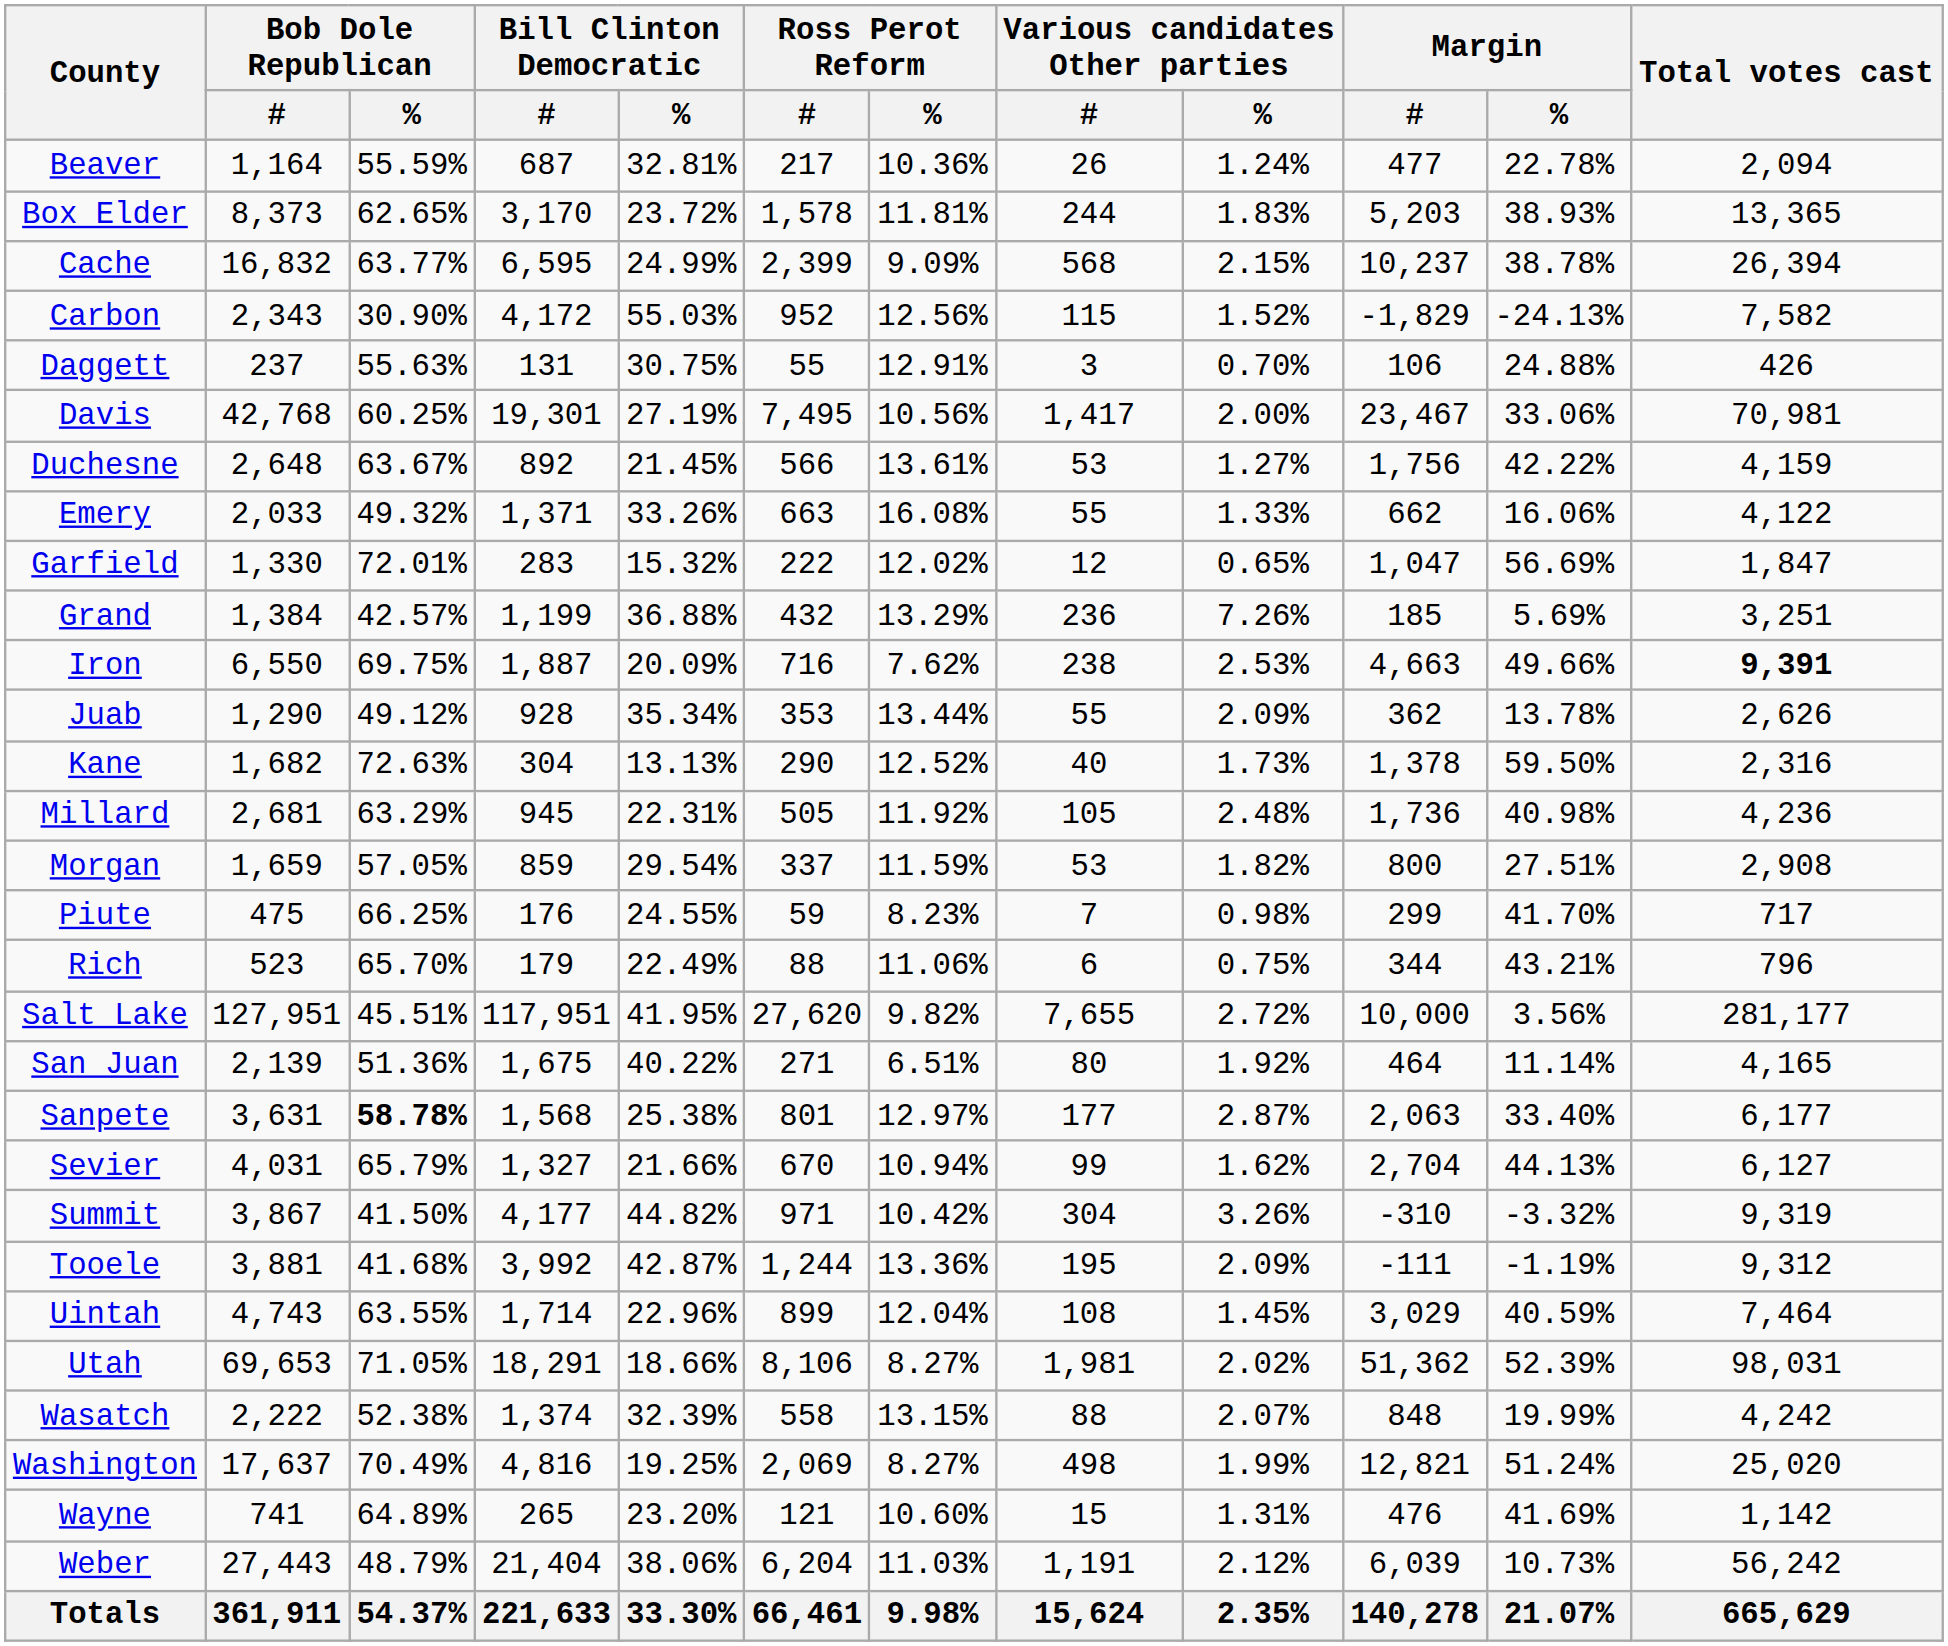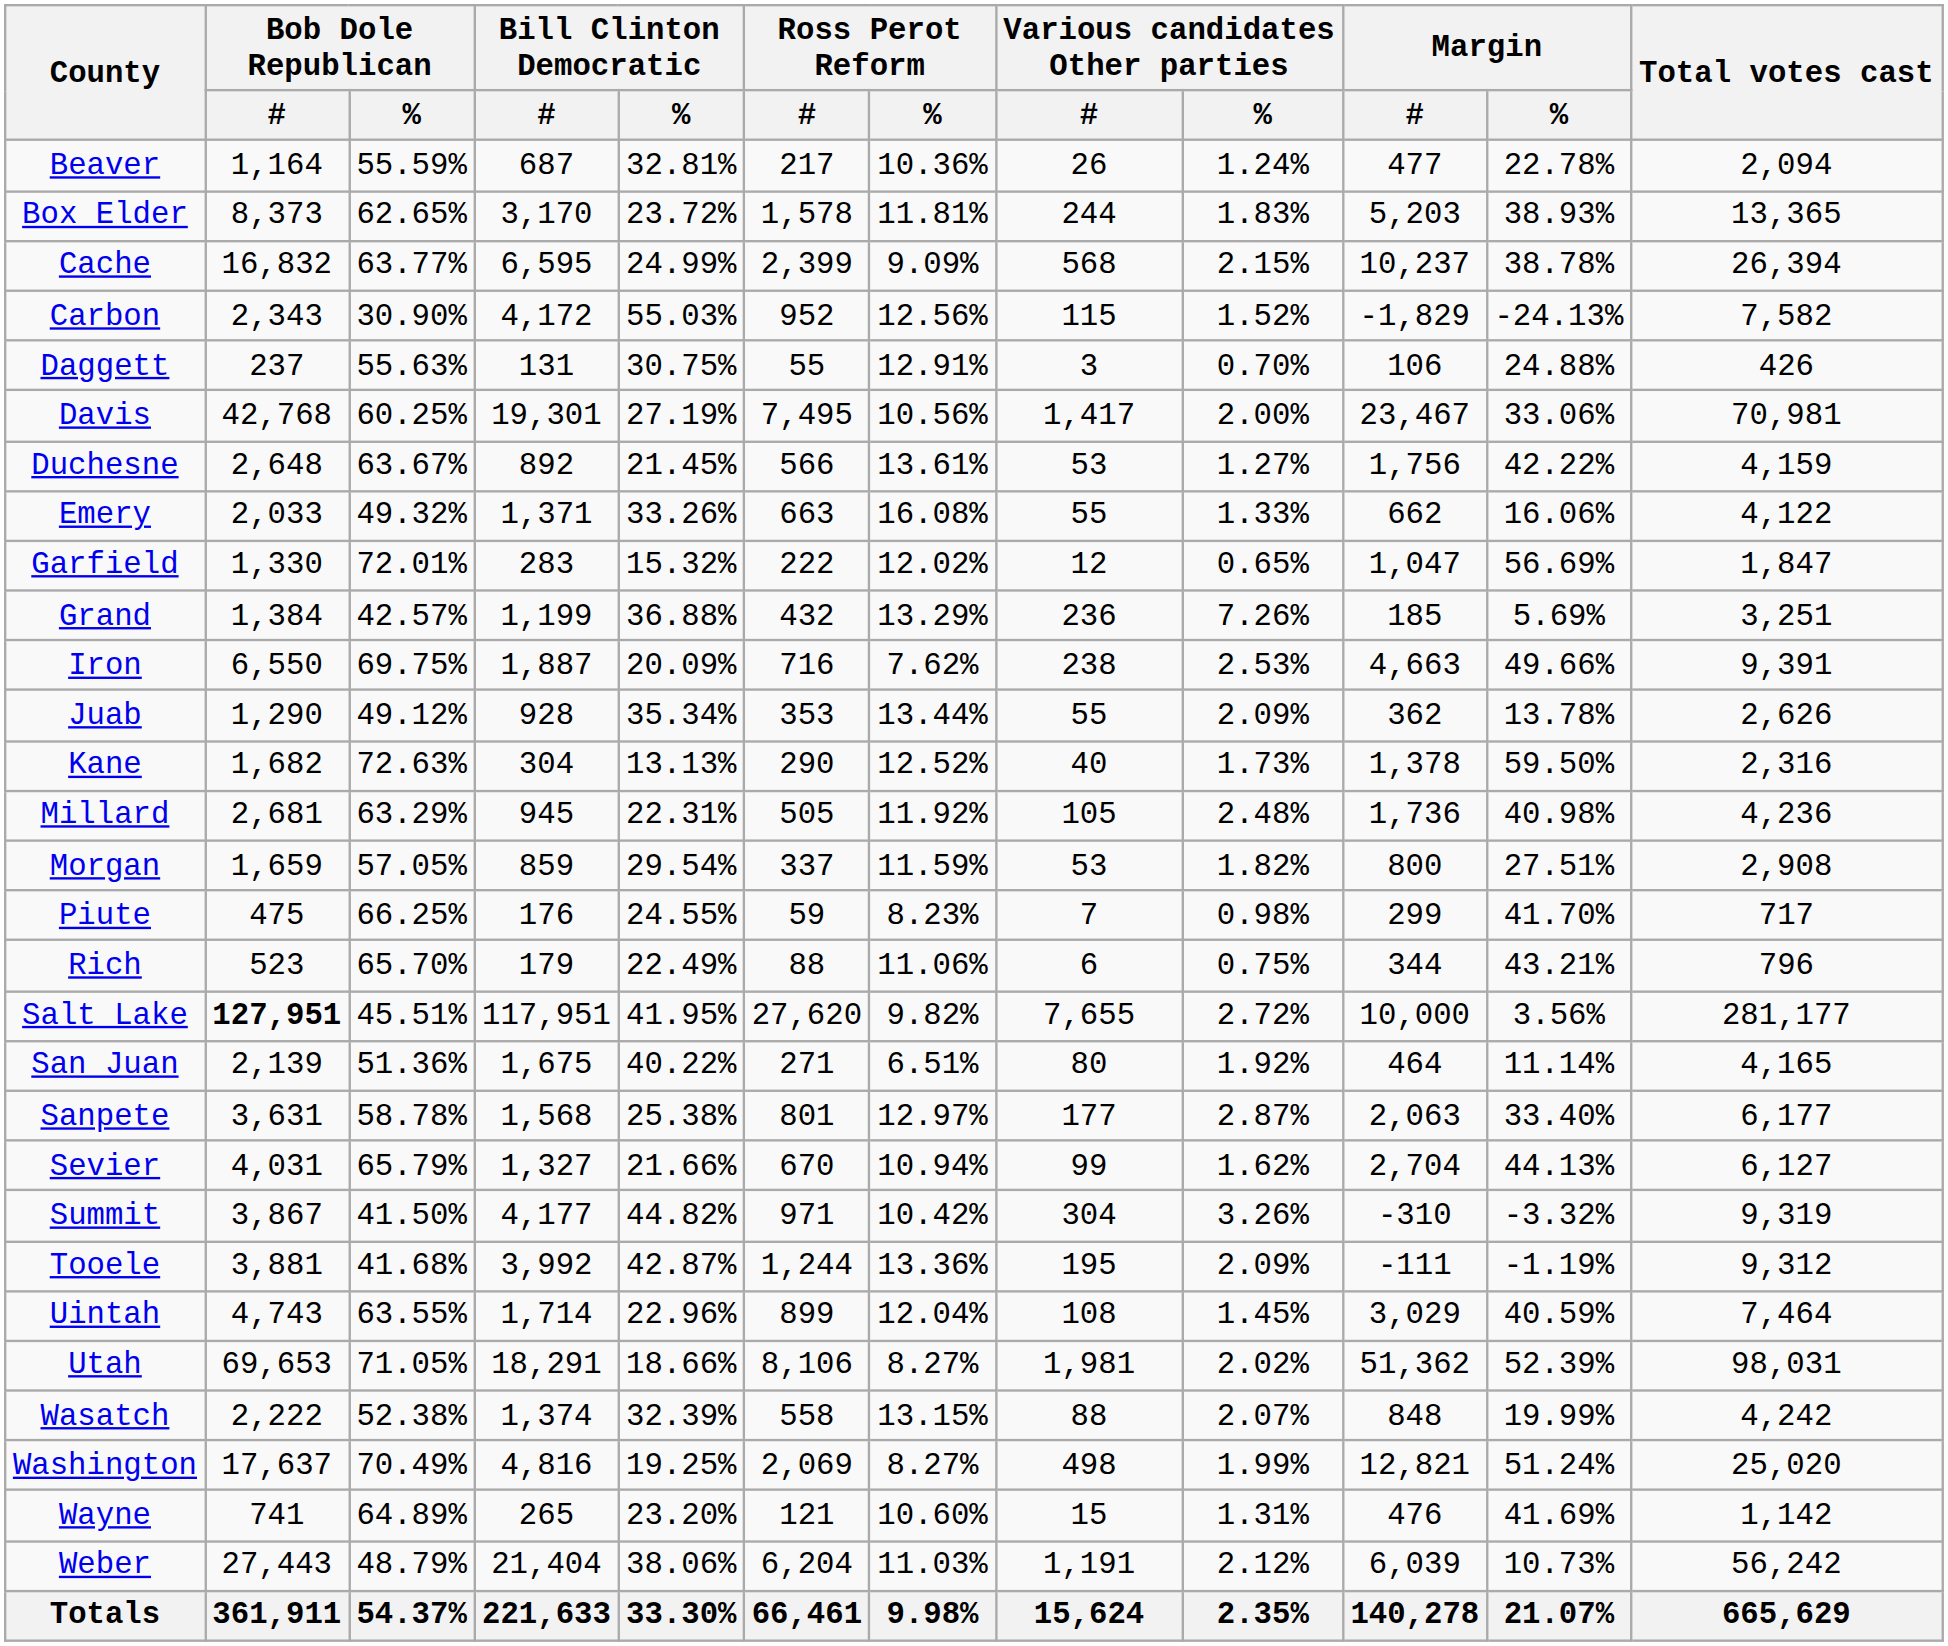 <table width="65%"  class="wikitable sortable" style="text-align:center">
 <tr>
 <th style="text-align:center;" rowspan="2">County</th>
 <th style="text-align:center;" colspan="2">Bob Dole<br>Republican</th>
 <th style="text-align:center;" colspan="2">Bill Clinton<br>Democratic</th>
 <th style="text-align:center;" colspan="2">Ross Perot<br>Reform</th>
 <th style="text-align:center;" colspan="2">Various candidates<br>Other parties</th>
 <th style="text-align:center;" colspan="2">Margin</th>
 <th style="text-align:center;" rowspan="2">Total votes cast</th>
 </tr>
 <tr>
 <th style="text-align:center;" data-sort-type="number">#</th>
 <th style="text-align:center;" data-sort-type="number">%</th>
 <th style="text-align:center;" data-sort-type="number">#</th>
 <th style="text-align:center;" data-sort-type="number">%</th>
 <th style="text-align:center;" data-sort-type="number">#</th>
 <th style="text-align:center;" data-sort-type="number">%</th>
 <th style="text-align:center;" data-sort-type="number">#</th>
 <th style="text-align:center;" data-sort-type="number">%</th>
 <th style="text-align:center;" data-sort-type="number">#</th>
 <th style="text-align:center;" data-sort-type="number">%</th>
 </tr>
 <tr style="text-align:center;">
 <td><a href='#'>Beaver</a></td>
 <td>1,164</td>
 <td>55.59%</td>
 <td>687</td>
 <td>32.81%</td>
 <td>217</td>
 <td>10.36%</td>
 <td>26</td>
 <td>1.24%</td>
 <td>477</td>
 <td>22.78%</td>
 <td>2,094</td>
 </tr>
 <tr style="text-align:center;">
 <td><a href='#'>Box Elder</a></td>
 <td>8,373</td>
 <td>62.65%</td>
 <td>3,170</td>
 <td>23.72%</td>
 <td>1,578</td>
 <td>11.81%</td>
 <td>244</td>
 <td>1.83%</td>
 <td>5,203</td>
 <td>38.93%</td>
 <td>13,365</td>
 </tr>
 <tr style="text-align:center;">
 <td><a href='#'>Cache</a></td>
 <td>16,832</td>
 <td>63.77%</td>
 <td>6,595</td>
 <td>24.99%</td>
 <td>2,399</td>
 <td>9.09%</td>
 <td>568</td>
 <td>2.15%</td>
 <td>10,237</td>
 <td>38.78%</td>
 <td>26,394</td>
 </tr>
 <tr style="text-align:center;">
 <td><a href='#'>Carbon</a></td>
 <td>2,343</td>
 <td>30.90%</td>
 <td>4,172</td>
 <td>55.03%</td>
 <td>952</td>
 <td>12.56%</td>
 <td>115</td>
 <td>1.52%</td>
 <td>-1,829</td>
 <td>-24.13%</td>
 <td>7,582</td>
 </tr>
 <tr style="text-align:center;">
 <td><a href='#'>Daggett</a></td>
 <td>237</td>
 <td>55.63%</td>
 <td>131</td>
 <td>30.75%</td>
 <td>55</td>
 <td>12.91%</td>
 <td>3</td>
 <td>0.70%</td>
 <td>106</td>
 <td>24.88%</td>
 <td>426</td>
 </tr>
 <tr style="text-align:center;">
 <td><a href='#'>Davis</a></td>
 <td>42,768</td>
 <td>60.25%</td>
 <td>19,301</td>
 <td>27.19%</td>
 <td>7,495</td>
 <td>10.56%</td>
 <td>1,417</td>
 <td>2.00%</td>
 <td>23,467</td>
 <td>33.06%</td>
 <td>70,981</td>
 </tr>
 <tr style="text-align:center;">
 <td><a href='#'>Duchesne</a></td>
 <td>2,648</td>
 <td>63.67%</td>
 <td>892</td>
 <td>21.45%</td>
 <td>566</td>
 <td>13.61%</td>
 <td>53</td>
 <td>1.27%</td>
 <td>1,756</td>
 <td>42.22%</td>
 <td>4,159</td>
 </tr>
 <tr style="text-align:center;">
 <td><a href='#'>Emery</a></td>
 <td>2,033</td>
 <td>49.32%</td>
 <td>1,371</td>
 <td>33.26%</td>
 <td>663</td>
 <td>16.08%</td>
 <td>55</td>
 <td>1.33%</td>
 <td>662</td>
 <td>16.06%</td>
 <td>4,122</td>
 </tr>
 <tr style="text-align:center;">
 <td><a href='#'>Garfield</a></td>
 <td>1,330</td>
 <td>72.01%</td>
 <td>283</td>
 <td>15.32%</td>
 <td>222</td>
 <td>12.02%</td>
 <td>12</td>
 <td>0.65%</td>
 <td>1,047</td>
 <td>56.69%</td>
 <td>1,847</td>
 </tr>
 <tr style="text-align:center;">
 <td><a href='#'>Grand</a></td>
 <td>1,384</td>
 <td>42.57%</td>
 <td>1,199</td>
 <td>36.88%</td>
 <td>432</td>
 <td>13.29%</td>
 <td>236</td>
 <td>7.26%</td>
 <td>185</td>
 <td>5.69%</td>
 <td>3,251</td>
 </tr>
 <tr style="text-align:center;">
 <td><a href='#'>Iron</a></td>
 <td>6,550</td>
 <td>69.75%</td>
 <td>1,887</td>
 <td>20.09%</td>
 <td>716</td>
 <td>7.62%</td>
 <td>238</td>
 <td>2.53%</td>
 <td>4,663</td>
 <td>49.66%</td>
-<td><strong>9,391</strong></td>
+<td>9,391</td>
 </tr>
 <tr style="text-align:center;">
 <td><a href='#'>Juab</a></td>
 <td>1,290</td>
 <td>49.12%</td>
 <td>928</td>
 <td>35.34%</td>
 <td>353</td>
 <td>13.44%</td>
 <td>55</td>
 <td>2.09%</td>
 <td>362</td>
 <td>13.78%</td>
 <td>2,626</td>
 </tr>
 <tr style="text-align:center;">
 <td><a href='#'>Kane</a></td>
 <td>1,682</td>
 <td>72.63%</td>
 <td>304</td>
 <td>13.13%</td>
 <td>290</td>
 <td>12.52%</td>
 <td>40</td>
 <td>1.73%</td>
 <td>1,378</td>
 <td>59.50%</td>
 <td>2,316</td>
 </tr>
 <tr style="text-align:center;">
 <td><a href='#'>Millard</a></td>
 <td>2,681</td>
 <td>63.29%</td>
 <td>945</td>
 <td>22.31%</td>
 <td>505</td>
 <td>11.92%</td>
 <td>105</td>
 <td>2.48%</td>
 <td>1,736</td>
 <td>40.98%</td>
 <td>4,236</td>
 </tr>
 <tr style="text-align:center;">
 <td><a href='#'>Morgan</a></td>
 <td>1,659</td>
 <td>57.05%</td>
 <td>859</td>
 <td>29.54%</td>
 <td>337</td>
 <td>11.59%</td>
 <td>53</td>
 <td>1.82%</td>
 <td>800</td>
 <td>27.51%</td>
 <td>2,908</td>
 </tr>
 <tr style="text-align:center;">
 <td><a href='#'>Piute</a></td>
 <td>475</td>
 <td>66.25%</td>
 <td>176</td>
 <td>24.55%</td>
 <td>59</td>
 <td>8.23%</td>
 <td>7</td>
 <td>0.98%</td>
 <td>299</td>
 <td>41.70%</td>
 <td>717</td>
 </tr>
 <tr style="text-align:center;">
 <td><a href='#'>Rich</a></td>
 <td>523</td>
 <td>65.70%</td>
 <td>179</td>
 <td>22.49%</td>
 <td>88</td>
 <td>11.06%</td>
 <td>6</td>
 <td>0.75%</td>
 <td>344</td>
 <td>43.21%</td>
 <td>796</td>
 </tr>
 <tr style="text-align:center;">
 <td><a href='#'>Salt Lake</a></td>
-<td>127,951</td>
+<td><strong>127,951</strong></td>
 <td>45.51%</td>
 <td>117,951</td>
 <td>41.95%</td>
 <td>27,620</td>
 <td>9.82%</td>
 <td>7,655</td>
 <td>2.72%</td>
 <td>10,000</td>
 <td>3.56%</td>
 <td>281,177</td>
 </tr>
 <tr style="text-align:center;">
 <td><a href='#'>San Juan</a></td>
 <td>2,139</td>
 <td>51.36%</td>
 <td>1,675</td>
 <td>40.22%</td>
 <td>271</td>
 <td>6.51%</td>
 <td>80</td>
 <td>1.92%</td>
 <td>464</td>
 <td>11.14%</td>
 <td>4,165</td>
 </tr>
 <tr style="text-align:center;">
 <td><a href='#'>Sanpete</a></td>
 <td>3,631</td>
-<td><strong>58.78%</strong></td>
+<td>58.78%</td>
 <td>1,568</td>
 <td>25.38%</td>
 <td>801</td>
 <td>12.97%</td>
 <td>177</td>
 <td>2.87%</td>
 <td>2,063</td>
 <td>33.40%</td>
 <td>6,177</td>
 </tr>
 <tr style="text-align:center;">
 <td><a href='#'>Sevier</a></td>
 <td>4,031</td>
 <td>65.79%</td>
 <td>1,327</td>
 <td>21.66%</td>
 <td>670</td>
 <td>10.94%</td>
 <td>99</td>
 <td>1.62%</td>
 <td>2,704</td>
 <td>44.13%</td>
 <td>6,127</td>
 </tr>
 <tr style="text-align:center;">
 <td><a href='#'>Summit</a></td>
 <td>3,867</td>
 <td>41.50%</td>
 <td>4,177</td>
 <td>44.82%</td>
 <td>971</td>
 <td>10.42%</td>
 <td>304</td>
 <td>3.26%</td>
 <td>-310</td>
 <td>-3.32%</td>
 <td>9,319</td>
 </tr>
 <tr style="text-align:center;">
 <td><a href='#'>Tooele</a></td>
 <td>3,881</td>
 <td>41.68%</td>
 <td>3,992</td>
 <td>42.87%</td>
 <td>1,244</td>
 <td>13.36%</td>
 <td>195</td>
 <td>2.09%</td>
 <td>-111</td>
 <td>-1.19%</td>
 <td>9,312</td>
 </tr>
 <tr style="text-align:center;">
 <td><a href='#'>Uintah</a></td>
 <td>4,743</td>
 <td>63.55%</td>
 <td>1,714</td>
 <td>22.96%</td>
 <td>899</td>
 <td>12.04%</td>
 <td>108</td>
 <td>1.45%</td>
 <td>3,029</td>
 <td>40.59%</td>
 <td>7,464</td>
 </tr>
 <tr style="text-align:center;">
 <td><a href='#'>Utah</a></td>
 <td>69,653</td>
 <td>71.05%</td>
 <td>18,291</td>
 <td>18.66%</td>
 <td>8,106</td>
 <td>8.27%</td>
 <td>1,981</td>
 <td>2.02%</td>
 <td>51,362</td>
 <td>52.39%</td>
 <td>98,031</td>
 </tr>
 <tr style="text-align:center;">
 <td><a href='#'>Wasatch</a></td>
 <td>2,222</td>
 <td>52.38%</td>
 <td>1,374</td>
 <td>32.39%</td>
 <td>558</td>
 <td>13.15%</td>
 <td>88</td>
 <td>2.07%</td>
 <td>848</td>
 <td>19.99%</td>
 <td>4,242</td>
 </tr>
 <tr style="text-align:center;">
 <td><a href='#'>Washington</a></td>
 <td>17,637</td>
 <td>70.49%</td>
 <td>4,816</td>
 <td>19.25%</td>
 <td>2,069</td>
 <td>8.27%</td>
 <td>498</td>
 <td>1.99%</td>
 <td>12,821</td>
 <td>51.24%</td>
 <td>25,020</td>
 </tr>
 <tr style="text-align:center;">
 <td><a href='#'>Wayne</a></td>
 <td>741</td>
 <td>64.89%</td>
 <td>265</td>
 <td>23.20%</td>
 <td>121</td>
 <td>10.60%</td>
 <td>15</td>
 <td>1.31%</td>
 <td>476</td>
 <td>41.69%</td>
 <td>1,142</td>
 </tr>
 <tr style="text-align:center;">
 <td><a href='#'>Weber</a></td>
 <td>27,443</td>
 <td>48.79%</td>
 <td>21,404</td>
 <td>38.06%</td>
 <td>6,204</td>
 <td>11.03%</td>
 <td>1,191</td>
 <td>2.12%</td>
 <td>6,039</td>
 <td>10.73%</td>
 <td>56,242</td>
 </tr>
 <tr style="text-align:center;">
 <th>Totals</th>
 <th>361,911</th>
 <th>54.37%</th>
 <th>221,633</th>
 <th>33.30%</th>
 <th>66,461</th>
 <th>9.98%</th>
 <th>15,624</th>
 <th>2.35%</th>
 <th>140,278</th>
 <th>21.07%</th>
 <th>665,629</th>
 </tr>
 </table>
